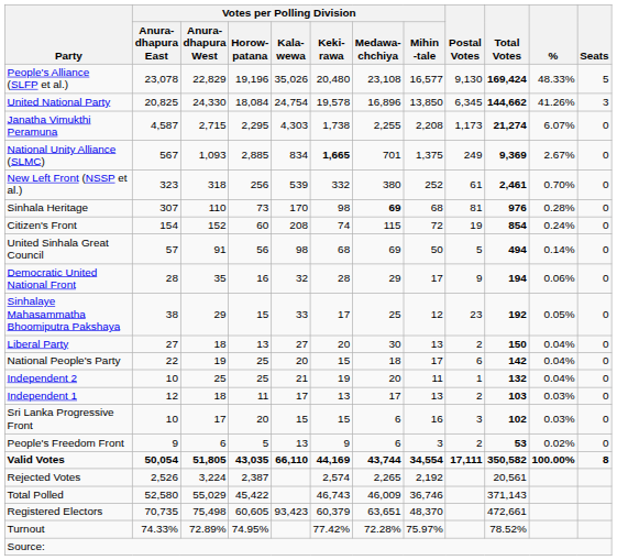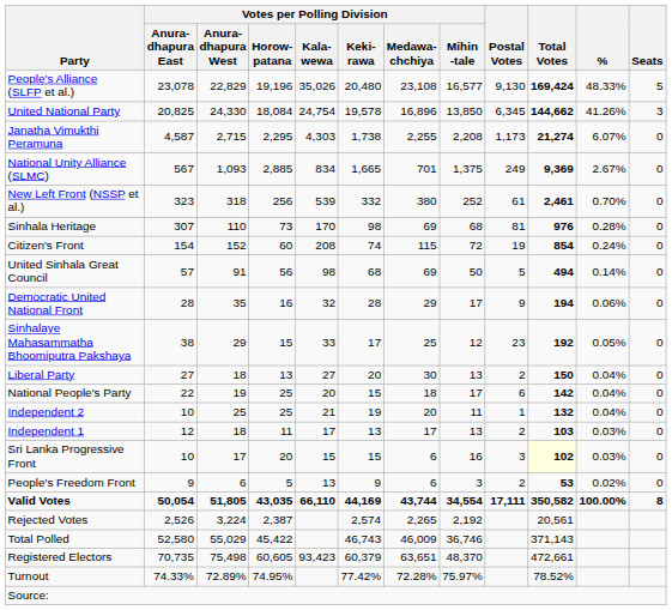 <table class="wikitable" border="1" style="text-align:right;">
 <tr>
 <th align=left valign=bottom rowspan=2 width="180">Party</th>
 <th colspan=7>Votes per Polling Division</th>
 <th align=center valign=bottom rowspan=2 width="50">Postal<br>Votes</th>
 <th align=center valign=bottom rowspan=2 width="50">Total Votes</th>
 <th align=center valign=bottom rowspan=2 width="50">%</th>
 <th align=center valign=bottom rowspan=2 width="40">Seats</th>
 </tr>
 <tr>
 <th align=center valign=bottom width="50">Anura-<br>dhapura<br>East</th>
 <th align=center valign=bottom width="50">Anura-<br>dhapura<br>West</th>
 <th align=center valign=bottom width="50">Horow-<br>patana</th>
 <th align=center valign=bottom width="50">Kala-<br>wewa</th>
 <th align=center valign=bottom width="50">Keki-<br>rawa</th>
 <th align=center valign=bottom width="50">Medawa-<br>chchiya</th>
 <th align=center valign=bottom width="50">Mihin<br>-tale</th>
 </tr>
 <tr>
 <td align=left><a href='#'>People's Alliance</a><br>(<a href='#'>SLFP</a> et al.)</td>
 <td>23,078</td>
 <td>22,829</td>
 <td>19,196</td>
 <td>35,026</td>
 <td>20,480</td>
 <td>23,108</td>
 <td>16,577</td>
 <td>9,130</td>
 <td><strong>169,424</strong></td>
 <td>48.33%</td>
 <td>5</td>
 </tr>
 <tr>
 <td align=left><a href='#'>United National Party</a></td>
 <td>20,825</td>
 <td>24,330</td>
 <td>18,084</td>
 <td>24,754</td>
 <td>19,578</td>
 <td>16,896</td>
 <td>13,850</td>
 <td>6,345</td>
 <td><strong>144,662</strong></td>
 <td>41.26%</td>
 <td>3</td>
 </tr>
 <tr>
 <td align=left><a href='#'>Janatha Vimukthi Peramuna</a></td>
 <td>4,587</td>
 <td>2,715</td>
 <td>2,295</td>
 <td>4,303</td>
 <td>1,738</td>
 <td>2,255</td>
 <td>2,208</td>
 <td>1,173</td>
 <td><strong>21,274</strong></td>
 <td>6.07%</td>
 <td>0</td>
 </tr>
 <tr>
 <td align=left><a href='#'>National Unity Alliance</a> (<a href='#'>SLMC</a>)</td>
 <td>567</td>
 <td>1,093</td>
 <td>2,885</td>
 <td>834</td>
-<td><strong>1,665</strong></td>
+<td>1,665</td>
 <td>701</td>
 <td>1,375</td>
 <td>249</td>
 <td><strong>9,369</strong></td>
 <td>2.67%</td>
 <td>0</td>
 </tr>
 <tr>
 <td align=left><a href='#'>New Left Front</a> (<a href='#'>NSSP</a> et al.)</td>
 <td>323</td>
 <td>318</td>
 <td>256</td>
 <td>539</td>
 <td>332</td>
 <td>380</td>
 <td>252</td>
 <td>61</td>
 <td><strong>2,461</strong></td>
 <td>0.70%</td>
 <td>0</td>
 </tr>
 <tr>
 <td align=left>Sinhala Heritage</td>
 <td>307</td>
 <td>110</td>
 <td>73</td>
 <td>170</td>
 <td>98</td>
-<td><strong>69</strong></td>
+<td>69</td>
 <td>68</td>
 <td>81</td>
 <td><strong>976</strong></td>
 <td>0.28%</td>
 <td>0</td>
 </tr>
 <tr>
 <td align=left>Citizen's Front</td>
 <td>154</td>
 <td>152</td>
 <td>60</td>
 <td>208</td>
 <td>74</td>
 <td>115</td>
 <td>72</td>
 <td>19</td>
 <td><strong>854</strong></td>
 <td>0.24%</td>
 <td>0</td>
 </tr>
 <tr>
 <td align=left>United Sinhala Great Council</td>
 <td>57</td>
 <td>91</td>
 <td>56</td>
 <td>98</td>
 <td>68</td>
 <td>69</td>
 <td>50</td>
 <td>5</td>
 <td><strong>494</strong></td>
 <td>0.14%</td>
 <td>0</td>
 </tr>
 <tr>
 <td align=left><a href='#'>Democratic United National Front</a></td>
 <td>28</td>
 <td>35</td>
 <td>16</td>
 <td>32</td>
 <td>28</td>
 <td>29</td>
 <td>17</td>
 <td>9</td>
 <td><strong>194</strong></td>
 <td>0.06%</td>
 <td>0</td>
 </tr>
 <tr>
 <td align=left><a href='#'>Sinhalaye Mahasammatha Bhoomiputra Pakshaya</a></td>
 <td>38</td>
 <td>29</td>
 <td>15</td>
 <td>33</td>
 <td>17</td>
 <td>25</td>
 <td>12</td>
 <td>23</td>
 <td><strong>192</strong></td>
 <td>0.05%</td>
 <td>0</td>
 </tr>
 <tr>
 <td align=left><a href='#'>Liberal Party</a></td>
 <td>27</td>
 <td>18</td>
 <td>13</td>
 <td>27</td>
 <td>20</td>
 <td>30</td>
 <td>13</td>
 <td>2</td>
 <td><strong>150</strong></td>
 <td>0.04%</td>
 <td>0</td>
 </tr>
 <tr>
 <td align=left>National People's Party</td>
 <td>22</td>
 <td>19</td>
 <td>25</td>
 <td>20</td>
 <td>15</td>
 <td>18</td>
 <td>17</td>
 <td>6</td>
 <td><strong>142</strong></td>
 <td>0.04%</td>
 <td>0</td>
 </tr>
 <tr>
 <td align=left><a href='#'>Independent 2</a></td>
 <td>10</td>
 <td>25</td>
 <td>25</td>
 <td>21</td>
 <td>19</td>
 <td>20</td>
 <td>11</td>
 <td>1</td>
 <td><strong>132</strong></td>
 <td>0.04%</td>
 <td>0</td>
 </tr>
 <tr>
 <td align=left><a href='#'>Independent 1</a></td>
 <td>12</td>
 <td>18</td>
 <td>11</td>
 <td>17</td>
 <td>13</td>
 <td>17</td>
 <td>13</td>
 <td>2</td>
 <td><strong>103</strong></td>
 <td>0.03%</td>
 <td>0</td>
 </tr>
 <tr>
 <td align=left>Sri Lanka Progressive Front</td>
 <td>10</td>
 <td>17</td>
 <td>20</td>
 <td>15</td>
 <td>15</td>
 <td>6</td>
 <td>16</td>
 <td>3</td>
-<td><strong>102</strong></td>
+<td style="background: lightyellow;"><strong>102</strong></td>
 <td>0.03%</td>
 <td>0</td>
 </tr>
 <tr>
 <td align=left>People's Freedom Front</td>
 <td>9</td>
 <td>6</td>
 <td>5</td>
 <td>13</td>
 <td>9</td>
 <td>6</td>
 <td>3</td>
 <td>2</td>
 <td><strong>53</strong></td>
 <td>0.02%</td>
 <td>0</td>
 </tr>
 <tr>
 <td align=left><strong>Valid Votes</strong></td>
 <td><strong>50,054</strong></td>
 <td><strong>51,805</strong></td>
 <td><strong>43,035</strong></td>
 <td><strong>66,110</strong></td>
 <td><strong>44,169</strong></td>
 <td><strong>43,744</strong></td>
 <td><strong>34,554</strong></td>
 <td><strong>17,111</strong></td>
 <td><strong>350,582</strong></td>
 <td><strong>100.00%</strong></td>
 <td><strong>8</strong></td>
 </tr>
 <tr>
 <td align=left>Rejected Votes</td>
 <td>2,526</td>
 <td>3,224</td>
 <td>2,387</td>
 <td></td>
 <td>2,574</td>
 <td>2,265</td>
 <td>2,192</td>
 <td></td>
 <td>20,561</td>
 <td></td>
 <td></td>
 </tr>
 <tr>
 <td align=left>Total Polled</td>
 <td>52,580</td>
 <td>55,029</td>
 <td>45,422</td>
 <td></td>
 <td>46,743</td>
 <td>46,009</td>
 <td>36,746</td>
 <td></td>
 <td>371,143</td>
 <td></td>
 <td></td>
 </tr>
 <tr>
 <td align=left>Registered Electors</td>
 <td>70,735</td>
 <td>75,498</td>
 <td>60,605</td>
 <td>93,423</td>
 <td>60,379</td>
 <td>63,651</td>
 <td>48,370</td>
 <td></td>
 <td>472,661</td>
 <td></td>
 <td></td>
 </tr>
 <tr>
 <td align=left>Turnout</td>
 <td>74.33%</td>
 <td>72.89%</td>
 <td>74.95%</td>
 <td></td>
 <td>77.42%</td>
 <td>72.28%</td>
 <td>75.97%</td>
 <td></td>
 <td>78.52%</td>
 <td></td>
 <td></td>
 </tr>
 <tr>
 <td align=left colspan=13>Source:</td>
 </tr>
 </table>
